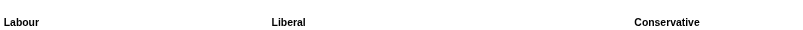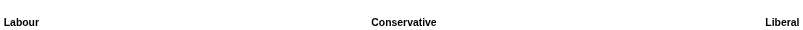 <table style="width:100%; text-align:center;">
 <tr style="color:white;">
 <td style="background:"><strong>74</strong></td>
+<td style="background:"><strong>25</strong></td>
 <td style="background:"><strong>5</strong></td>
-<td style="background:"><strong>25</strong></td>
 </tr>
 <tr>
 <td><span><strong>Labour</strong></span></td>
+<td><span><strong>Conservative</strong></span></td>
 <td><span><strong>Liberal</strong></span></td>
-<td><span><strong>Conservative</strong></span></td>
 </tr>
 </table>
